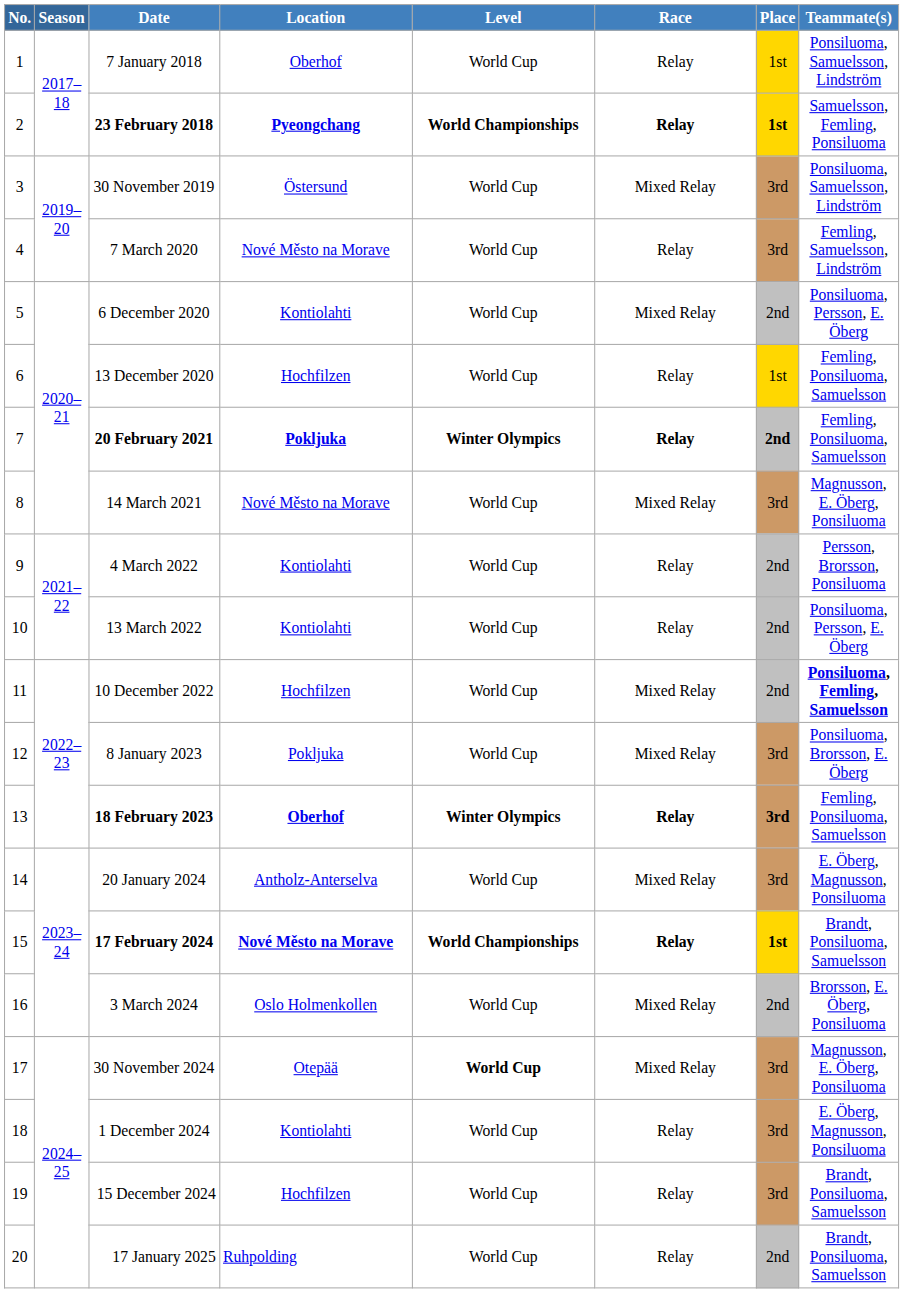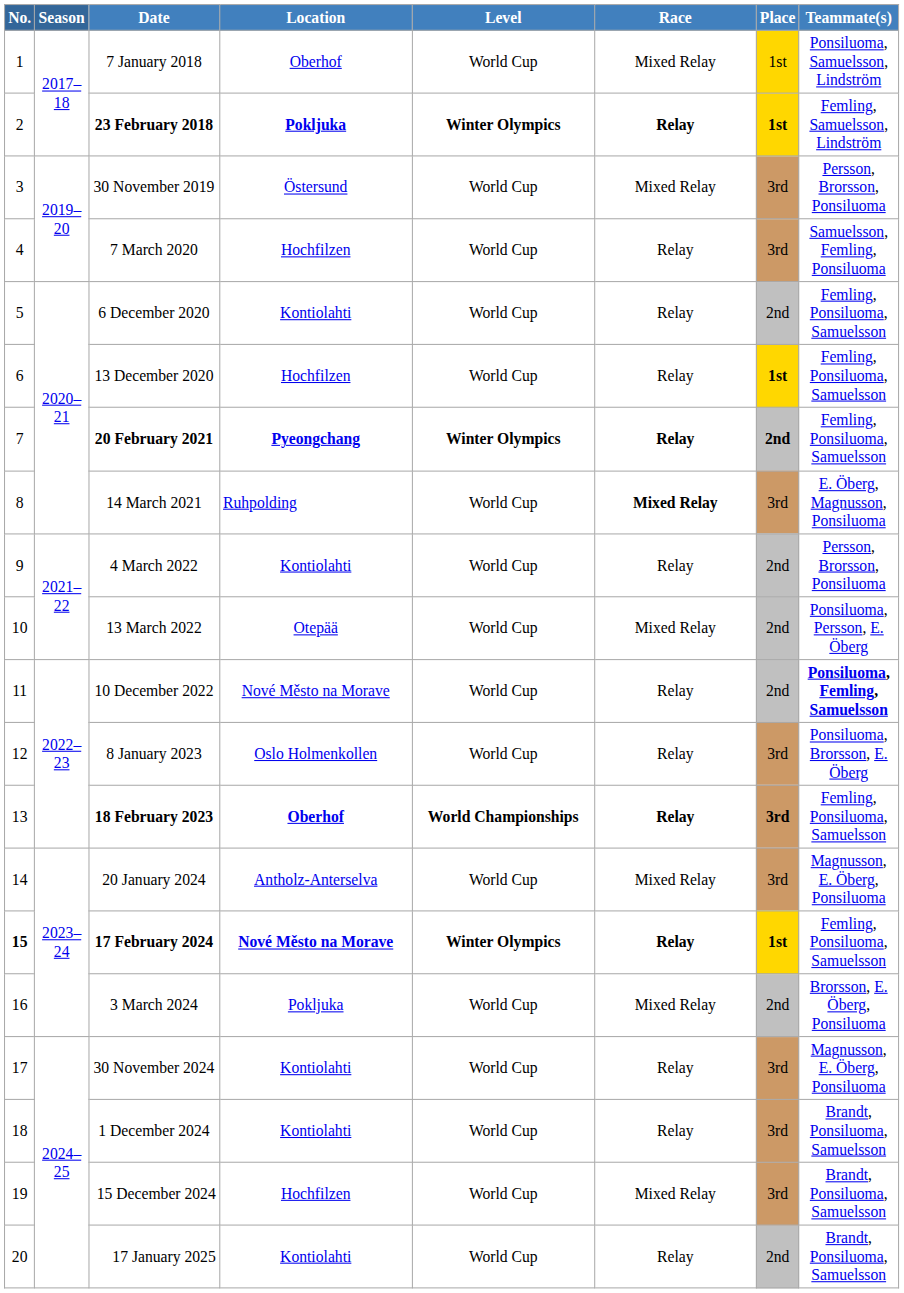 <table class="wikitable sortable" style="font-size:95%; text-align:center; border:grey solid 1px; border-collapse:collapse; background:#ffffff;">
 <tr style="background:#efefef;">
 <th style="background-color:#369; color:white;">No.</th>
 <th style="background-color:#369; color:white;">Season</th>
 <th style="background-color:#4180be; color:white; width:120px;">Date</th>
 <th style="background-color:#4180be; color:white; width:180px;">Location</th>
 <th style="background-color:#4180be; color:white; width:170px;">Level</th>
 <th style="background-color:#4180be; color:white; width:150px;">Race</th>
 <th style="background-color:#4180be; color:white;">Place</th>
 <th style="background-color:#4180be; color:white;">Teammate(s)</th>
 </tr>
 <tr>
 <td align=center>1</td>
 <td rowspan=2 align="center"><a href='#'>2017–18</a></td>
 <td>7 January 2018</td>
 <td> <a href='#'>Oberhof</a></td>
 <td>World Cup</td>
-<td>Relay</td>
+<td>Mixed Relay</td>
 <td bgcolor="gold">1st</td>
 <td><a href='#'>Ponsiluoma</a>, <a href='#'>Samuelsson</a>, <a href='#'>Lindström</a></td>
 </tr>
 <tr>
 <td align=center>2</td>
 <td><strong>23 February 2018</strong></td>
-<td><strong> <a href='#'>Pyeongchang</a></strong></td>
-<td><strong>World Championships</strong></td>
+<td><strong> <a href='#'>Pokljuka</a></strong></td>
+<td><strong>Winter Olympics</strong></td>
 <td><strong>Relay</strong></td>
 <td bgcolor="gold"><strong>1st</strong></td>
-<td><a href='#'>Samuelsson</a>, <a href='#'>Femling</a>, <a href='#'>Ponsiluoma</a></td>
+<td><a href='#'>Femling</a>, <a href='#'>Samuelsson</a>, <a href='#'>Lindström</a></td>
 </tr>
 <tr>
 <td align=center>3</td>
 <td rowspan=2 align="center"><a href='#'>2019–20</a></td>
 <td>30 November 2019</td>
 <td> <a href='#'>Östersund</a></td>
 <td>World Cup</td>
 <td>Mixed Relay</td>
 <td bgcolor="cc9966">3rd</td>
-<td><a href='#'>Ponsiluoma</a>, <a href='#'>Samuelsson</a>, <a href='#'>Lindström</a></td>
+<td><a href='#'>Persson</a>, <a href='#'>Brorsson</a>, <a href='#'>Ponsiluoma</a></td>
 </tr>
 <tr>
 <td align=center>4</td>
 <td>7 March 2020</td>
-<td> <a href='#'>Nové Město na Morave</a></td>
+<td> <a href='#'>Hochfilzen</a></td>
 <td>World Cup</td>
 <td>Relay</td>
 <td bgcolor="cc9966">3rd</td>
-<td><a href='#'>Femling</a>, <a href='#'>Samuelsson</a>, <a href='#'>Lindström</a></td>
+<td><a href='#'>Samuelsson</a>, <a href='#'>Femling</a>, <a href='#'>Ponsiluoma</a></td>
 </tr>
 <tr>
 <td align=center>5</td>
 <td rowspan=4 align="center"><a href='#'>2020–21</a></td>
 <td>6 December 2020</td>
 <td> <a href='#'>Kontiolahti</a></td>
 <td>World Cup</td>
-<td>Mixed Relay</td>
+<td>Relay</td>
 <td bgcolor="silver">2nd</td>
-<td><a href='#'>Ponsiluoma</a>, <a href='#'>Persson</a>, <a href='#'>E. Öberg</a></td>
+<td><a href='#'>Femling</a>, <a href='#'>Ponsiluoma</a>, <a href='#'>Samuelsson</a></td>
 </tr>
 <tr>
 <td align=center>6</td>
 <td>13 December 2020</td>
 <td> <a href='#'>Hochfilzen</a></td>
 <td>World Cup</td>
 <td>Relay</td>
-<td bgcolor="gold">1st</td>
+<td bgcolor="gold"><strong>1st</strong></td>
 <td><a href='#'>Femling</a>, <a href='#'>Ponsiluoma</a>, <a href='#'>Samuelsson</a></td>
 </tr>
 <tr>
 <td align=center>7</td>
 <td><strong>20 February 2021</strong></td>
-<td><strong> <a href='#'>Pokljuka</a></strong></td>
+<td><strong> <a href='#'>Pyeongchang</a></strong></td>
 <td><strong>Winter Olympics</strong></td>
 <td><strong>Relay</strong></td>
 <td bgcolor="silver"><strong>2nd</strong></td>
 <td><a href='#'>Femling</a>, <a href='#'>Ponsiluoma</a>, <a href='#'>Samuelsson</a></td>
 </tr>
 <tr>
 <td align=center>8</td>
 <td>14 March 2021</td>
-<td> <a href='#'>Nové Město na Morave</a></td>
+<td align=left> <a href='#'>Ruhpolding</a></td>
 <td>World Cup</td>
-<td>Mixed Relay</td>
+<td><strong>Mixed Relay</strong></td>
 <td bgcolor="cc9966">3rd</td>
-<td><a href='#'>Magnusson</a>, <a href='#'>E. Öberg</a>, <a href='#'>Ponsiluoma</a></td>
+<td><a href='#'>E. Öberg</a>, <a href='#'>Magnusson</a>, <a href='#'>Ponsiluoma</a></td>
 </tr>
 <tr>
 <td align=center>9</td>
 <td rowspan=2 align="center"><a href='#'>2021–22</a></td>
 <td>4 March 2022</td>
 <td> <a href='#'>Kontiolahti</a></td>
 <td>World Cup</td>
 <td>Relay</td>
 <td bgcolor="silver">2nd</td>
 <td><a href='#'>Persson</a>, <a href='#'>Brorsson</a>, <a href='#'>Ponsiluoma</a></td>
 </tr>
 <tr>
 <td align=center>10</td>
 <td>13 March 2022</td>
-<td> <a href='#'>Kontiolahti</a></td>
+<td> <a href='#'>Otepää</a></td>
 <td>World Cup</td>
-<td>Relay</td>
+<td>Mixed Relay</td>
 <td bgcolor="silver">2nd</td>
 <td><a href='#'>Ponsiluoma</a>, <a href='#'>Persson</a>, <a href='#'>E. Öberg</a></td>
 </tr>
 <tr>
 <td align=center>11</td>
 <td rowspan=3 align="center"><a href='#'>2022–23</a></td>
 <td>10 December 2022</td>
-<td> <a href='#'>Hochfilzen</a></td>
+<td> <a href='#'>Nové Město na Morave</a></td>
 <td>World Cup</td>
-<td>Mixed Relay</td>
+<td>Relay</td>
 <td bgcolor="silver">2nd</td>
 <td><strong><a href='#'>Ponsiluoma</a>, <a href='#'>Femling</a>, <a href='#'>Samuelsson</a></strong></td>
 </tr>
 <tr>
 <td align=center>12</td>
 <td>8 January 2023</td>
-<td> <a href='#'>Pokljuka</a></td>
+<td> <a href='#'>Oslo Holmenkollen</a></td>
 <td>World Cup</td>
-<td>Mixed Relay</td>
+<td>Relay</td>
 <td bgcolor="cc9966">3rd</td>
 <td><a href='#'>Ponsiluoma</a>, <a href='#'>Brorsson</a>, <a href='#'>E. Öberg</a></td>
 </tr>
 <tr>
 <td align=center>13</td>
 <td><strong>18 February 2023</strong></td>
 <td><strong> <a href='#'>Oberhof</a></strong></td>
-<td><strong>Winter Olympics</strong></td>
+<td><strong>World Championships</strong></td>
 <td><strong>Relay</strong></td>
 <td bgcolor="cc9966"><strong>3rd</strong></td>
 <td><a href='#'>Femling</a>, <a href='#'>Ponsiluoma</a>, <a href='#'>Samuelsson</a></td>
 </tr>
 <tr>
 <td align=center>14</td>
 <td rowspan=3 align="center"><a href='#'>2023–24</a></td>
 <td>20 January 2024</td>
 <td> <a href='#'>Antholz-Anterselva</a></td>
 <td>World Cup</td>
 <td>Mixed Relay</td>
 <td bgcolor="cc9966">3rd</td>
-<td><a href='#'>E. Öberg</a>, <a href='#'>Magnusson</a>, <a href='#'>Ponsiluoma</a></td>
+<td><a href='#'>Magnusson</a>, <a href='#'>E. Öberg</a>, <a href='#'>Ponsiluoma</a></td>
 </tr>
 <tr>
-<td align=center>15</td>
+<td align=center><strong>15</strong></td>
 <td><strong>17 February 2024</strong></td>
 <td><strong> <a href='#'>Nové Město na Morave</a></strong></td>
-<td><strong>World Championships</strong></td>
+<td><strong>Winter Olympics</strong></td>
 <td><strong>Relay</strong></td>
 <td bgcolor="gold"><strong>1st</strong></td>
-<td><a href='#'>Brandt</a>, <a href='#'>Ponsiluoma</a>, <a href='#'>Samuelsson</a></td>
+<td><a href='#'>Femling</a>, <a href='#'>Ponsiluoma</a>, <a href='#'>Samuelsson</a></td>
 </tr>
 <tr>
 <td align=center>16</td>
 <td>3 March 2024</td>
-<td> <a href='#'>Oslo Holmenkollen</a></td>
+<td> <a href='#'>Pokljuka</a></td>
 <td>World Cup</td>
 <td>Mixed Relay</td>
 <td bgcolor="silver">2nd</td>
 <td><a href='#'>Brorsson</a>, <a href='#'>E. Öberg</a>, <a href='#'>Ponsiluoma</a></td>
 </tr>
 <tr>
 <td align=center>17</td>
 <td rowspan=4 align="center"><a href='#'>2024–25</a></td>
 <td>30 November 2024</td>
-<td> <a href='#'>Otepää</a></td>
-<td><strong>World Cup</strong></td>
-<td>Mixed Relay</td>
+<td> <a href='#'>Kontiolahti</a></td>
+<td>World Cup</td>
+<td>Relay</td>
 <td bgcolor="cc9966">3rd</td>
 <td><a href='#'>Magnusson</a>, <a href='#'>E. Öberg</a>, <a href='#'>Ponsiluoma</a></td>
 </tr>
 <tr>
 <td align=center>18</td>
 <td>1 December 2024</td>
 <td> <a href='#'>Kontiolahti</a></td>
 <td>World Cup</td>
 <td>Relay</td>
 <td bgcolor="cc9966">3rd</td>
-<td><a href='#'>E. Öberg</a>, <a href='#'>Magnusson</a>, <a href='#'>Ponsiluoma</a></td>
+<td><a href='#'>Brandt</a>, <a href='#'>Ponsiluoma</a>, <a href='#'>Samuelsson</a></td>
 </tr>
 <tr>
 <td align=center>19</td>
 <td align=right>15 December 2024</td>
 <td> <a href='#'>Hochfilzen</a></td>
 <td>World Cup</td>
-<td>Relay</td>
+<td>Mixed Relay</td>
 <td align=center bgcolor="cc9966">3rd</td>
 <td><a href='#'>Brandt</a>, <a href='#'>Ponsiluoma</a>, <a href='#'>Samuelsson</a></td>
 </tr>
 <tr>
 <td align=center>20</td>
 <td align=right>17 January 2025</td>
-<td align=left> <a href='#'>Ruhpolding</a></td>
+<td> <a href='#'>Kontiolahti</a></td>
 <td>World Cup</td>
 <td>Relay</td>
 <td align=center bgcolor="silver">2nd</td>
 <td><a href='#'>Brandt</a>, <a href='#'>Ponsiluoma</a>, <a href='#'>Samuelsson</a></td>
 </tr>
 </table>
